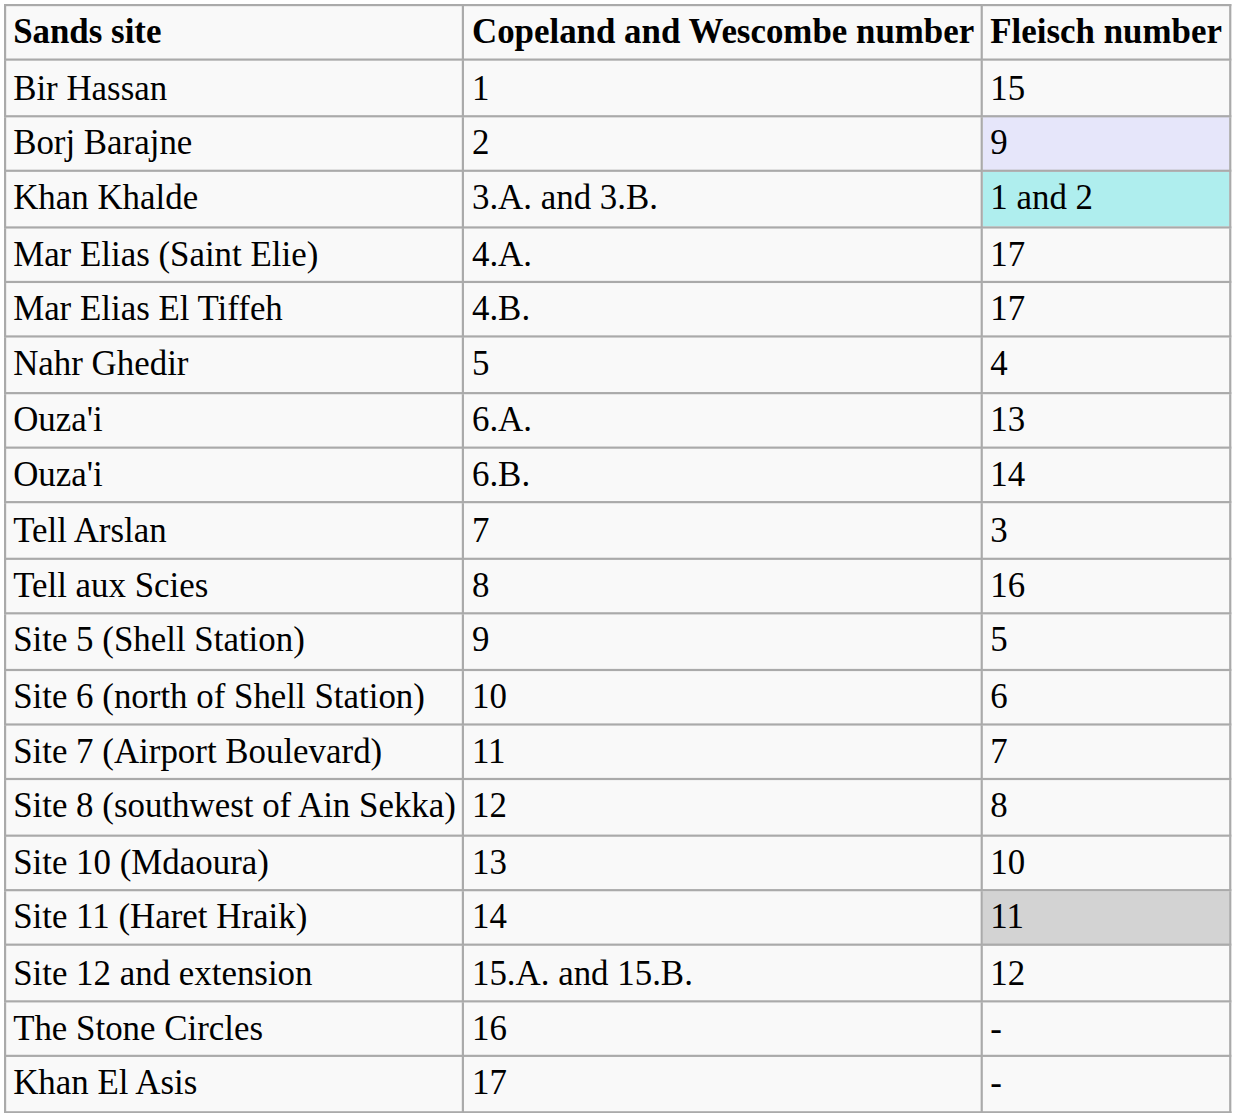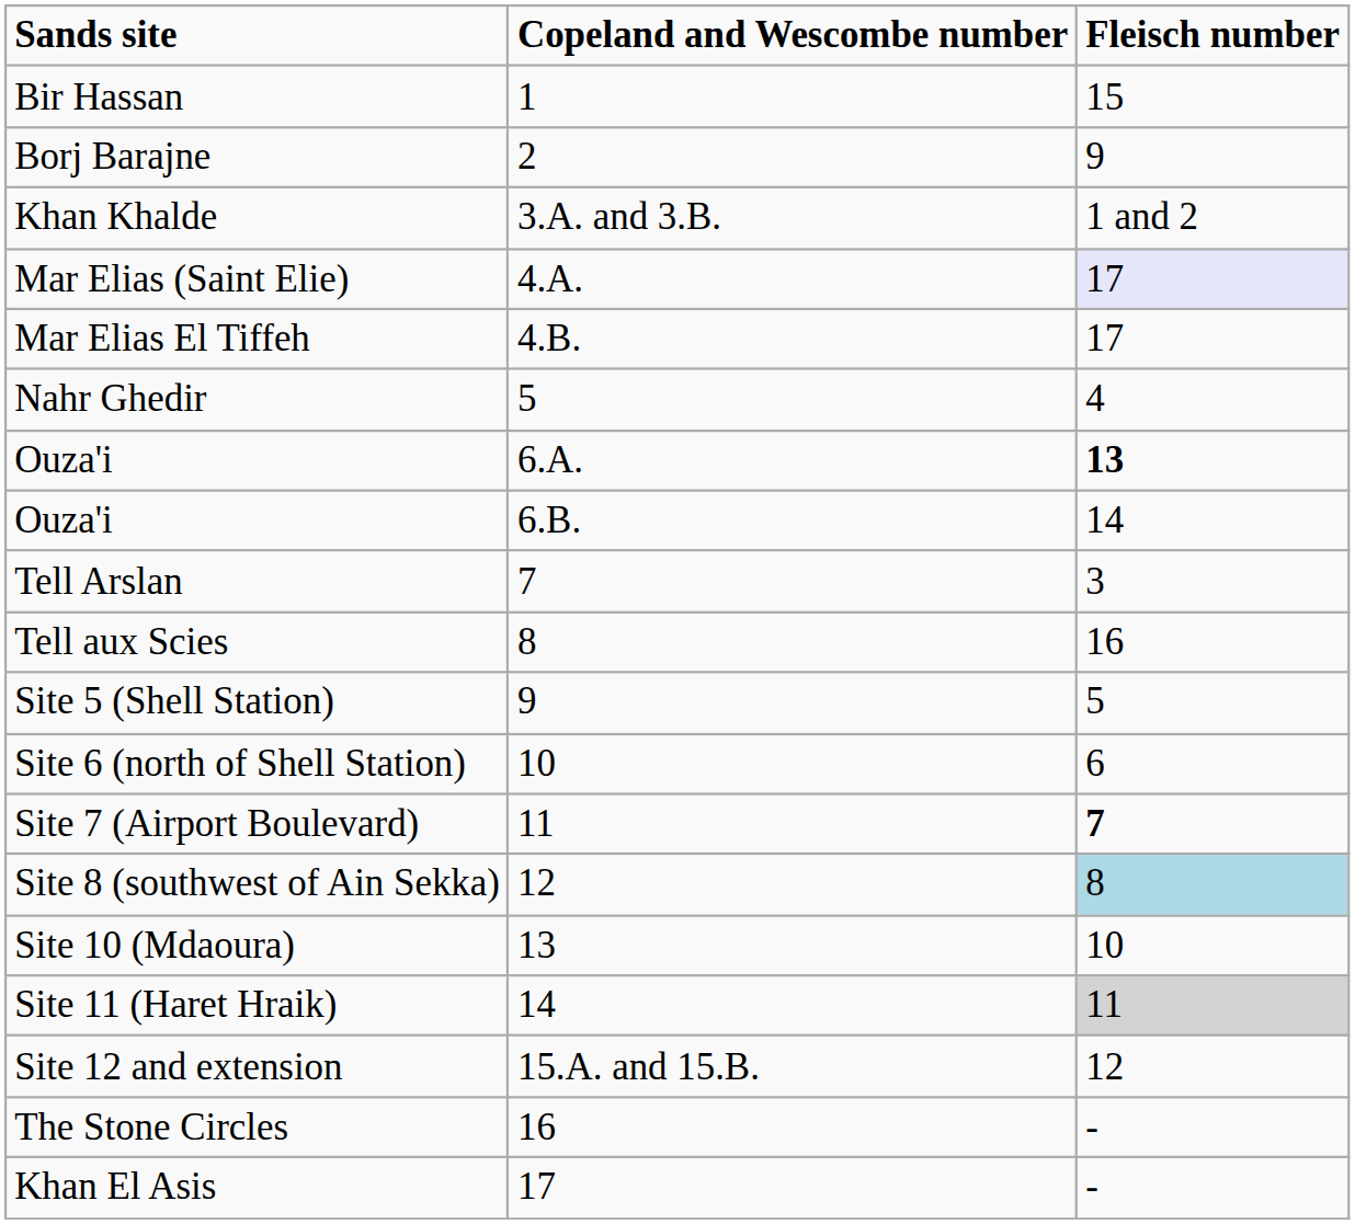 <table align="center" class="wikitable">
 <tr>
 <td><strong>Sands site</strong></td>
 <td><strong>Copeland and Wescombe number</strong></td>
 <td><strong>Fleisch number</strong></td>
 </tr>
 <tr>
 <td>Bir Hassan</td>
 <td>1</td>
 <td>15</td>
 </tr>
 <tr>
 <td>Borj Barajne</td>
 <td>2</td>
-<td style="background: lavender;">9</td>
+<td>9</td>
 </tr>
 <tr>
 <td>Khan Khalde</td>
 <td>3.A. and 3.B.</td>
-<td style="background: paleturquoise;">1 and 2</td>
+<td>1 and 2</td>
 </tr>
 <tr>
 <td>Mar Elias (Saint Elie)</td>
 <td>4.A.</td>
-<td>17</td>
+<td style="background: lavender;">17</td>
 </tr>
 <tr>
 <td>Mar Elias El Tiffeh</td>
 <td>4.B.</td>
 <td>17</td>
 </tr>
 <tr>
 <td>Nahr Ghedir</td>
 <td>5</td>
 <td>4</td>
 </tr>
 <tr>
 <td>Ouza'i</td>
 <td>6.A.</td>
-<td>13</td>
+<td><strong>13</strong></td>
 </tr>
 <tr>
 <td>Ouza'i</td>
 <td>6.B.</td>
 <td>14</td>
 </tr>
 <tr>
 <td>Tell Arslan</td>
 <td>7</td>
 <td>3</td>
 </tr>
 <tr>
 <td>Tell aux Scies</td>
 <td>8</td>
 <td>16</td>
 </tr>
 <tr>
 <td>Site 5 (Shell Station)</td>
 <td>9</td>
 <td>5</td>
 </tr>
 <tr>
 <td>Site 6 (north of Shell Station)</td>
 <td>10</td>
 <td>6</td>
 </tr>
 <tr>
 <td>Site 7 (Airport Boulevard)</td>
 <td>11</td>
-<td>7</td>
+<td><strong>7</strong></td>
 </tr>
 <tr>
 <td>Site 8 (southwest of Ain Sekka)</td>
 <td>12</td>
-<td>8</td>
+<td style="background: lightblue;">8</td>
 </tr>
 <tr>
 <td>Site 10 (Mdaoura)</td>
 <td>13</td>
 <td>10</td>
 </tr>
 <tr>
 <td>Site 11 (Haret Hraik)</td>
 <td>14</td>
 <td style="background: lightgrey;">11</td>
 </tr>
 <tr>
 <td>Site 12 and extension</td>
 <td>15.A. and 15.B.</td>
 <td>12</td>
 </tr>
 <tr>
 <td>The Stone Circles</td>
 <td>16</td>
 <td>-</td>
 </tr>
 <tr>
 <td>Khan El Asis</td>
 <td>17</td>
 <td>-</td>
 </tr>
 <tr>
 </tr>
 </table>
